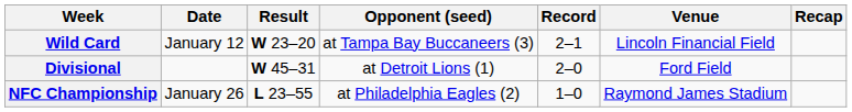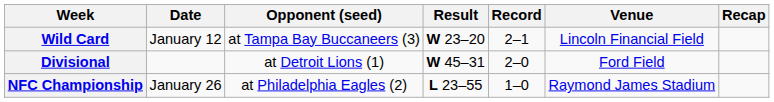 <table class="wikitable" style="text-align:center">
 <tr>
 <th>Week</th>
 <th>Date</th>
+<th>Opponent (seed)</th>
 <th>Result</th>
-<th>Opponent (seed)</th>
 <th>Record</th>
 <th>Venue</th>
 <th>Recap</th>
 </tr>
 <tr>
 <th><a href='#'>Wild Card</a></th>
 <td>January 12</td>
+<td>at <a href='#'>Tampa Bay Buccaneers</a> (3)</td>
 <td><strong>W</strong> 23–20</td>
-<td>at <a href='#'>Tampa Bay Buccaneers</a> (3)</td>
 <td>2–1</td>
 <td><a href='#'>Lincoln Financial Field</a></td>
 <td></td>
 </tr>
 <tr>
 <th><a href='#'>Divisional</a></th>
 <td></td>
+<td>at <a href='#'>Detroit Lions</a> (1)</td>
 <td><strong>W</strong> 45–31</td>
-<td>at <a href='#'>Detroit Lions</a> (1)</td>
 <td>2–0</td>
 <td><a href='#'>Ford Field</a></td>
 <td></td>
 </tr>
 <tr>
 <th><a href='#'>NFC Championship</a></th>
 <td>January 26</td>
+<td>at <a href='#'>Philadelphia Eagles</a> (2)</td>
 <td><strong>L</strong> 23–55</td>
-<td>at <a href='#'>Philadelphia Eagles</a> (2)</td>
 <td>1–0</td>
 <td><a href='#'>Raymond James Stadium</a></td>
 <td></td>
 </tr>
 </table>
